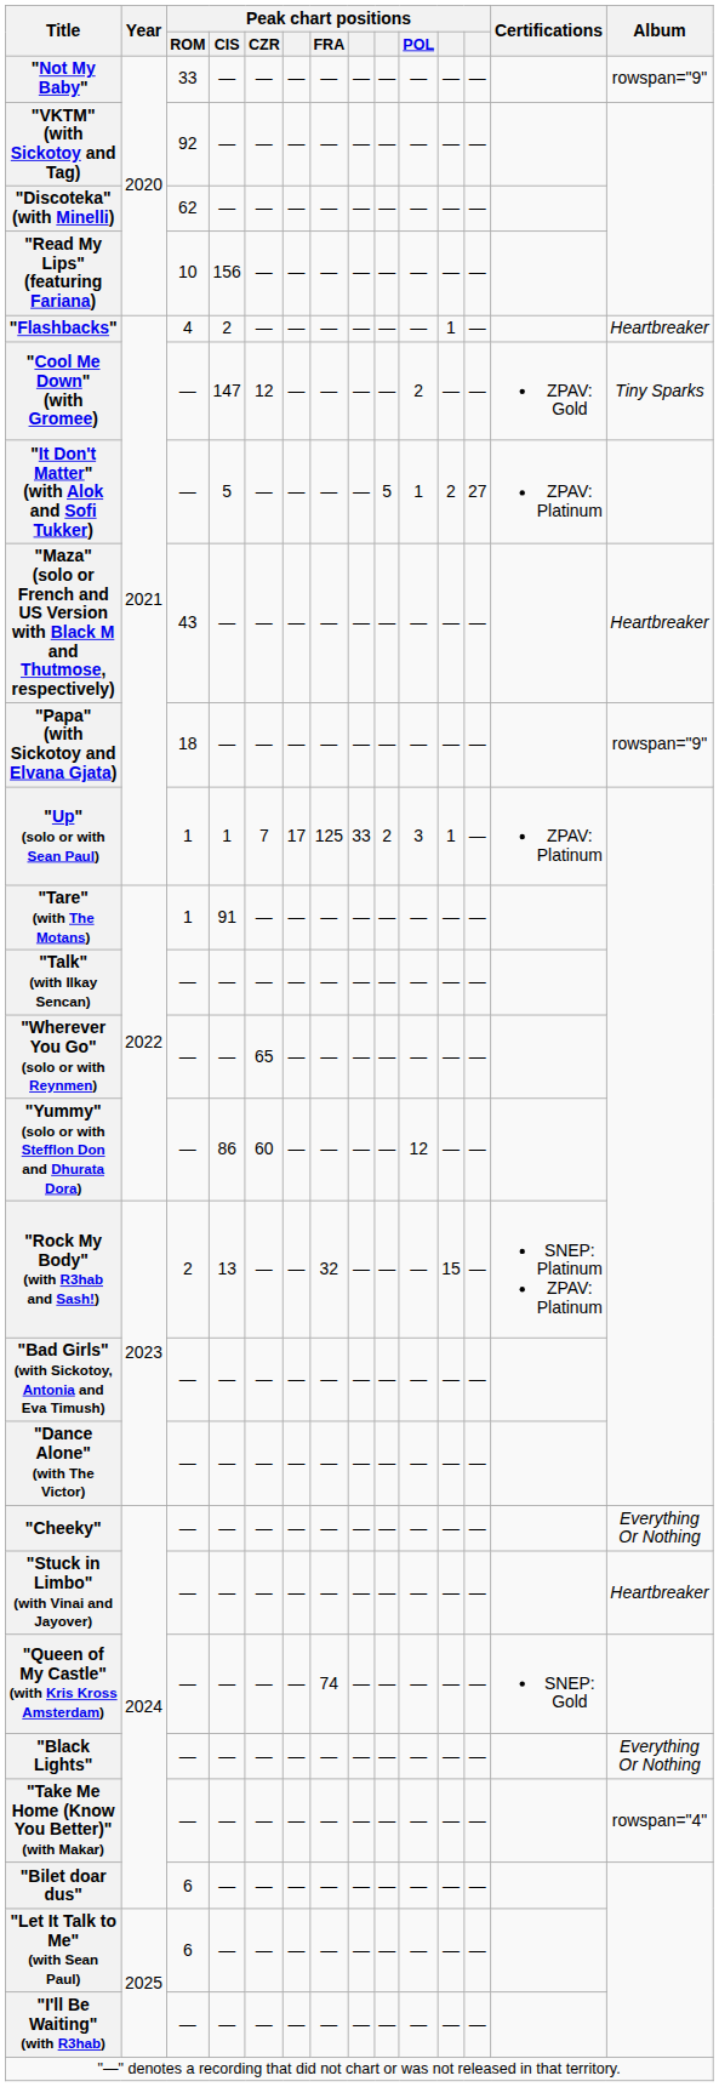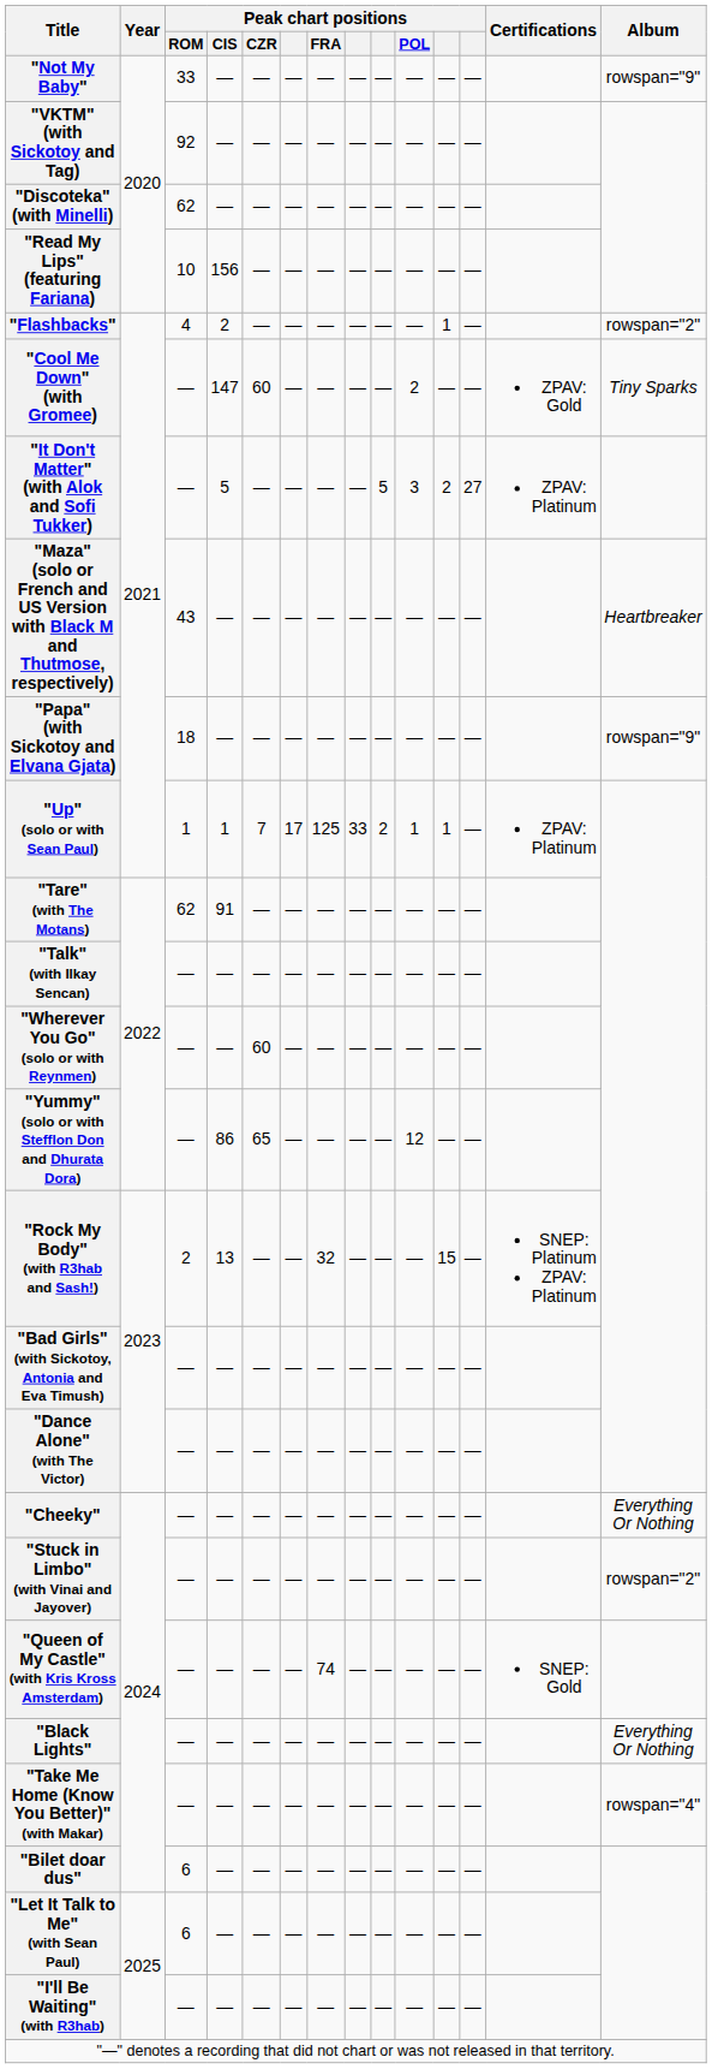 <table class="wikitable plainrowheaders" style="text-align:center;">
 <tr>
 <th scope="col" rowspan="2" style="width:11em;">Title</th>
 <th scope="col" rowspan="2" style="width:1em;">Year</th>
 <th scope="col" colspan="10">Peak chart positions</th>
 <th scope="col" rowspan="2" style="width:11em;">Certifications</th>
 <th scope="col" rowspan="2" style="width:10.5em;">Album</th>
 </tr>
 <tr>
 <th scope="col" style="width:2.5em;font-size:90%;">ROM<br></th>
 <th scope="col" style="width:2.5em;font-size:90%;">CIS<br></th>
 <th scope="col" style="width:2.5em;font-size:90%;">CZR<br></th>
 <th scope="col" style="width:2.5em;font-size:90%;"><a href='#'></a><br></th>
 <th scope="col" style="width:2.5em;font-size:90%;">FRA<br></th>
 <th scope="col" style="width:2.5em;font-size:90%;"><br></th>
 <th scope="col" style="width:2.5em;font-size:90%;"><a href='#'></a><br></th>
 <th scope="col" style="width:2.5em;font-size:90%;"><a href='#'>POL</a><br></th>
 <th scope="col" style="width:2.5em;font-size:90%;"><a href='#'></a><br></th>
 <th scope="col" style="width:2.5em;font-size:90%;"><a href='#'></a><br></th>
 </tr>
 <tr>
 <th scope="row">"<a href='#'>Not My Baby</a>"</th>
 <td rowspan="4">2020</td>
 <td>33</td>
 <td>—</td>
 <td>—</td>
 <td>—</td>
 <td>—</td>
 <td>—</td>
 <td>—</td>
 <td>—</td>
 <td>—</td>
 <td>—</td>
 <td></td>
 <td>rowspan="9" </td>
 </tr>
 <tr>
 <th scope="row">"VKTM"<br><span>(with <a href='#'>Sickotoy</a> and Tag)</span></th>
 <td>92</td>
 <td>—</td>
 <td>—</td>
 <td>—</td>
 <td>—</td>
 <td>—</td>
 <td>—</td>
 <td>—</td>
 <td>—</td>
 <td>—</td>
 <td></td>
 </tr>
 <tr>
 <th scope="row">"Discoteka"<br><span>(with <a href='#'>Minelli</a>)</span></th>
 <td>62</td>
 <td>—</td>
 <td>—</td>
 <td>—</td>
 <td>—</td>
 <td>—</td>
 <td>—</td>
 <td>—</td>
 <td>—</td>
 <td>—</td>
 <td></td>
 </tr>
 <tr>
 <th scope="row">"Read My Lips"<br><span>(featuring <a href='#'>Fariana</a>)</span></th>
 <td>10</td>
 <td>156</td>
 <td>—</td>
 <td>—</td>
 <td>—</td>
 <td>—</td>
 <td>—</td>
 <td>—</td>
 <td>—</td>
 <td>—</td>
 <td></td>
 </tr>
 <tr>
 <th scope="row">"<a href='#'>Flashbacks</a>"</th>
 <td rowspan="6">2021</td>
 <td>4</td>
 <td>2</td>
 <td>—</td>
 <td>—</td>
 <td>—</td>
 <td>—</td>
 <td>—</td>
 <td>—</td>
 <td>1</td>
 <td>—</td>
 <td></td>
-<td><em>Heartbreaker</em></td>
+<td>rowspan="2" </td>
 </tr>
 <tr>
 <th scope="row">"<a href='#'>Cool Me Down</a>"<br><span>(with <a href='#'>Gromee</a>)</span></th>
 <td>—</td>
 <td>147</td>
-<td>12</td>
+<td>60</td>
 <td>—</td>
 <td>—</td>
 <td>—</td>
 <td>—</td>
 <td>2</td>
 <td>—</td>
 <td>—</td>
 <td><br><ul><li>ZPAV: Gold</li></ul></td>
 <td><em>Tiny Sparks</em></td>
 </tr>
 <tr>
 <th scope="row">"<a href='#'>It Don't Matter</a>"<br><span>(with <a href='#'>Alok</a> and <a href='#'>Sofi Tukker</a>)</span></th>
 <td>—</td>
 <td>5</td>
 <td>—</td>
 <td>—</td>
 <td>—</td>
 <td>—</td>
 <td>5</td>
-<td>1</td>
+<td>3</td>
 <td>2</td>
 <td>27</td>
 <td><br><ul><li>ZPAV: Platinum</li></ul></td>
 <td></td>
 </tr>
 <tr>
 <th scope="row">"Maza"<br><span>(solo or French and US Version with <a href='#'>Black M</a> and <a href='#'>Thutmose</a>, respectively)</span></th>
 <td>43</td>
 <td>—</td>
 <td>—</td>
 <td>—</td>
 <td>—</td>
 <td>—</td>
 <td>—</td>
 <td>—</td>
 <td>—</td>
 <td>—</td>
 <td></td>
 <td><em>Heartbreaker</em></td>
 </tr>
 <tr>
 <th scope="row">"Papa"<br><span>(with Sickotoy and <a href='#'>Elvana Gjata</a>)</span></th>
 <td>18</td>
 <td>—</td>
 <td>—</td>
 <td>—</td>
 <td>—</td>
 <td>—</td>
 <td>—</td>
 <td>—</td>
 <td>—</td>
 <td>—</td>
 <td></td>
 <td>rowspan="9" </td>
 </tr>
 <tr>
 <th scope="row">"<a href='#'>Up</a>"<br><small>(solo or with <a href='#'>Sean Paul</a>)</small></th>
 <td>1</td>
 <td>1</td>
 <td>7</td>
 <td>17</td>
 <td>125</td>
 <td>33</td>
 <td>2</td>
-<td>3</td>
+<td>1</td>
 <td>1</td>
 <td>—</td>
 <td><br><ul><li>ZPAV: Platinum</li></ul></td>
 </tr>
 <tr>
 <th scope="row">"Tare"<br><small>(with <a href='#'>The Motans</a>)</small></th>
 <td rowspan="4">2022</td>
-<td>1</td>
+<td>62</td>
 <td>91</td>
 <td>—</td>
 <td>—</td>
 <td>—</td>
 <td>—</td>
 <td>—</td>
 <td>—</td>
 <td>—</td>
 <td>—</td>
 <td></td>
 </tr>
 <tr>
 <th scope=row>"Talk"<br><small>(with Ilkay Sencan)</small></th>
 <td>—</td>
 <td>—</td>
 <td>—</td>
 <td>—</td>
 <td>—</td>
 <td>—</td>
 <td>—</td>
 <td>—</td>
 <td>—</td>
 <td>—</td>
 <td></td>
 </tr>
 <tr>
 <th scope="row">"Wherever You Go"<br><small>(solo or with <a href='#'>Reynmen</a>)</small></th>
 <td>—</td>
 <td>—</td>
-<td>65</td>
+<td>60</td>
 <td>—</td>
 <td>—</td>
 <td>—</td>
 <td>—</td>
 <td>—</td>
 <td>—</td>
 <td>—</td>
 <td></td>
 </tr>
 <tr>
 <th scope=row>"Yummy"<br><small>(solo or with <a href='#'>Stefflon Don</a> and <a href='#'>Dhurata Dora</a>)</small></th>
 <td>—</td>
 <td>86</td>
-<td>60</td>
+<td>65</td>
 <td>—</td>
 <td>—</td>
 <td>—</td>
 <td>—</td>
 <td>12</td>
 <td>—</td>
 <td>—</td>
 <td></td>
 </tr>
 <tr>
 <th scope=row>"Rock My Body"<br><small>(with <a href='#'>R3hab</a> and <a href='#'>Sash!</a>)</small></th>
 <td rowspan="3">2023</td>
 <td>2</td>
 <td>13</td>
 <td>—</td>
 <td>—</td>
 <td>32</td>
 <td>—</td>
 <td>—</td>
 <td>—</td>
 <td>15</td>
 <td>—</td>
 <td><br><ul><li>SNEP: Platinum</li><li>ZPAV: Platinum</li></ul></td>
 </tr>
 <tr>
 <th scope=row>"Bad Girls"<br><small>(with Sickotoy, <a href='#'>Antonia</a> and Eva Timush)</small></th>
 <td>—</td>
 <td>—</td>
 <td>—</td>
 <td>—</td>
 <td>—</td>
 <td>—</td>
 <td>—</td>
 <td>—</td>
 <td>—</td>
 <td>—</td>
 <td></td>
 </tr>
 <tr>
 <th scope=row>"Dance Alone"<br><small>(with The Victor)</small></th>
 <td>—</td>
 <td>—</td>
 <td>—</td>
 <td>—</td>
 <td>—</td>
 <td>—</td>
 <td>—</td>
 <td>—</td>
 <td>—</td>
 <td>—</td>
 <td></td>
 </tr>
 <tr>
 <th scope=row>"Cheeky"</th>
 <td rowspan="6">2024</td>
 <td>—</td>
 <td>—</td>
 <td>—</td>
 <td>—</td>
 <td>—</td>
 <td>—</td>
 <td>—</td>
 <td>—</td>
 <td>—</td>
 <td>—</td>
 <td></td>
 <td><em>Everything Or Nothing</em></td>
 </tr>
 <tr>
 <th scope=row>"Stuck in Limbo"<br><small>(with Vinai and Jayover)</small></th>
 <td>—</td>
 <td>—</td>
 <td>—</td>
 <td>—</td>
 <td>—</td>
 <td>—</td>
 <td>—</td>
 <td>—</td>
 <td>—</td>
 <td>—</td>
 <td></td>
-<td><em>Heartbreaker</em></td>
+<td>rowspan="2" </td>
 </tr>
 <tr>
 <th scope=row>"Queen of My Castle"<br><small>(with <a href='#'>Kris Kross Amsterdam</a>)</small></th>
 <td>—</td>
 <td>—</td>
 <td>—</td>
 <td>—</td>
 <td>74</td>
 <td>—</td>
 <td>—</td>
 <td>—</td>
 <td>—</td>
 <td>—</td>
 <td><br><ul><li>SNEP: Gold</li></ul></td>
 </tr>
 <tr>
 <th scope=row>"Black Lights"</th>
 <td>—</td>
 <td>—</td>
 <td>—</td>
 <td>—</td>
 <td>—</td>
 <td>—</td>
 <td>—</td>
 <td>—</td>
 <td>—</td>
 <td>—</td>
 <td></td>
 <td><em>Everything Or Nothing</em></td>
 </tr>
 <tr>
 <th scope=row>"Take Me Home (Know You Better)"<br><small>(with Makar)</small></th>
 <td>—</td>
 <td>—</td>
 <td>—</td>
 <td>—</td>
 <td>—</td>
 <td>—</td>
 <td>—</td>
 <td>—</td>
 <td>—</td>
 <td>—</td>
 <td></td>
 <td>rowspan="4" </td>
 </tr>
 <tr>
 <th scope=row>"Bilet doar dus"</th>
 <td>6</td>
 <td>—</td>
 <td>—</td>
 <td>—</td>
 <td>—</td>
 <td>—</td>
 <td>—</td>
 <td>—</td>
 <td>—</td>
 <td>—</td>
 <td></td>
 </tr>
 <tr>
 <th scope=row>"Let It Talk to Me"<br><small>(with Sean Paul)</small></th>
 <td rowspan="2">2025</td>
 <td>6</td>
 <td>—</td>
 <td>—</td>
 <td>—</td>
 <td>—</td>
 <td>—</td>
 <td>—</td>
 <td>—</td>
 <td>—</td>
 <td>—</td>
 <td></td>
 </tr>
 <tr>
 <th scope=row>"I'll Be Waiting"<br><small>(with <a href='#'>R3hab</a>)</small></th>
 <td>—</td>
 <td>—</td>
 <td>—</td>
 <td>—</td>
 <td>—</td>
 <td>—</td>
 <td>—</td>
 <td>—</td>
 <td>—</td>
 <td>—</td>
 <td></td>
 </tr>
 <tr>
 <td colspan="18" style="font-size:90%">"—" denotes a recording that did not chart or was not released in that territory.</td>
 </tr>
 </table>
